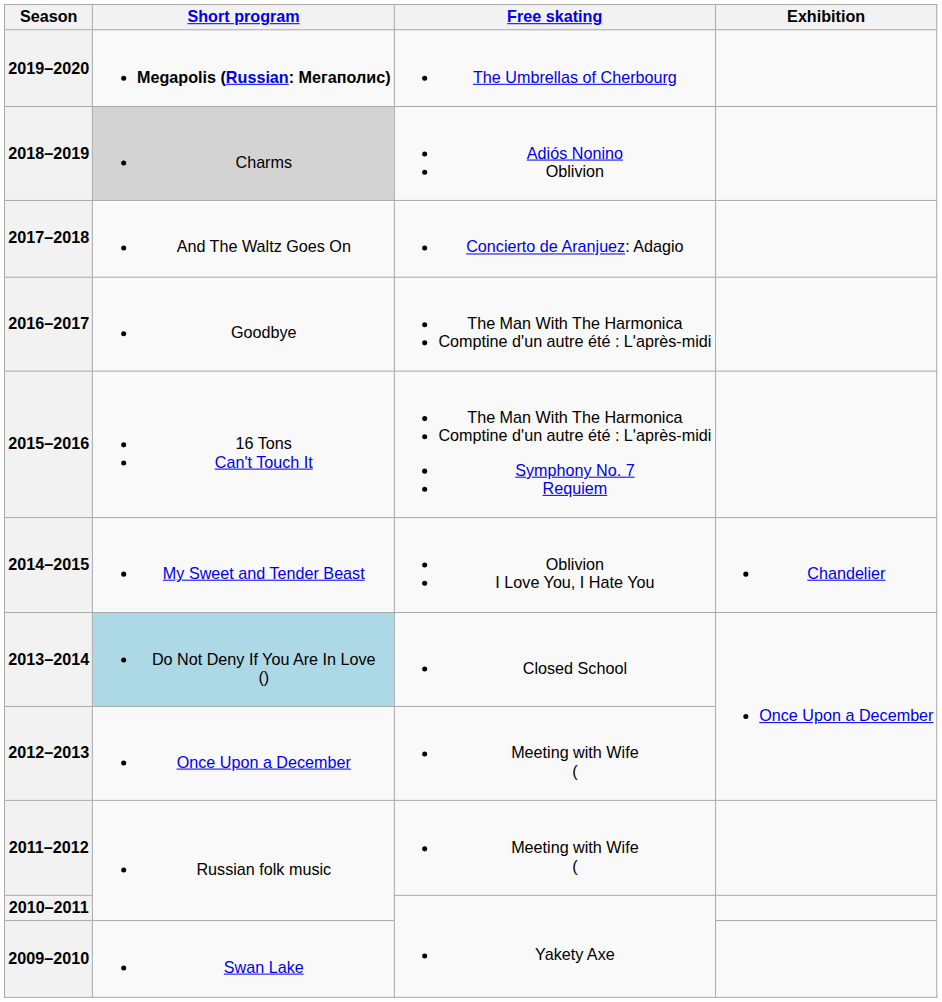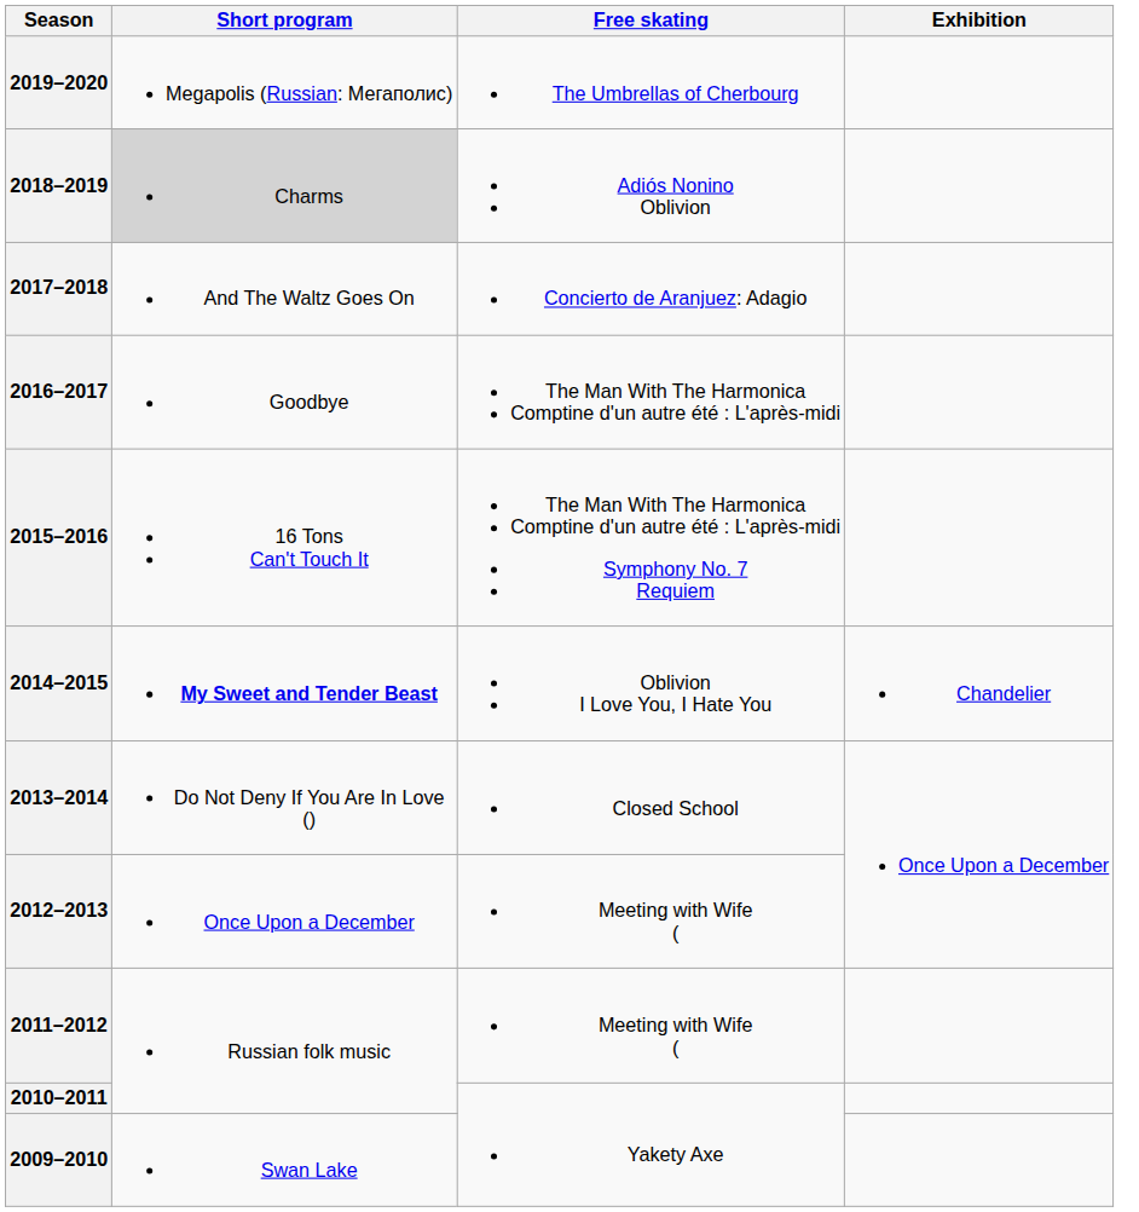 <table class="wikitable" style="text-align:center">
 <tr>
 <th>Season</th>
 <th><a href='#'>Short program</a></th>
 <th><a href='#'>Free skating</a></th>
 <th>Exhibition</th>
 </tr>
 <tr>
 <th>2019–2020 <br> </th>
-<td><strong><br><ul><li>Megapolis (<a href='#'>Russian</a>: Мегаполис) <br> </li></ul></strong></td>
+<td><br><ul><li>Megapolis (<a href='#'>Russian</a>: Мегаполис) <br> </li></ul></td>
 <td><br><ul><li><a href='#'>The Umbrellas of Cherbourg</a> <br> </li></ul></td>
 <td></td>
 </tr>
 <tr>
 <th>2018–2019 <br> </th>
 <td style="background: lightgrey;"><br><ul><li>Charms <br></li></ul></td>
 <td><br><ul><li><a href='#'>Adiós Nonino</a></li><li>Oblivion <br></li></ul></td>
 <td></td>
 </tr>
 <tr>
 <th>2017–2018 <br> </th>
 <td><br><ul><li>And The Waltz Goes On <br></li></ul></td>
 <td><br><ul><li><a href='#'>Concierto de Aranjuez</a>: Adagio <br></li></ul></td>
 <td></td>
 </tr>
 <tr>
 <th>2016–2017 <br> </th>
 <td><br><ul><li>Goodbye <br></li></ul></td>
 <td><br><ul><li>The Man With The Harmonica <br></li><li>Comptine d'un autre été : L'après-midi <br></li></ul></td>
 <td></td>
 </tr>
 <tr>
 <th>2015–2016 <br> </th>
 <td><br><ul><li>16 Tons <br></li><li><a href='#'>Can't Touch It</a> <br></li></ul></td>
 <td><br><ul><li>The Man With The Harmonica <br></li><li>Comptine d'un autre été : L'après-midi <br></li></ul><ul><li><a href='#'>Symphony No. 7</a> <br></li><li><a href='#'>Requiem</a> <br></li></ul></td>
 <td></td>
 </tr>
 <tr>
 <th>2014–2015 <br> </th>
-<td><br><ul><li><a href='#'>My Sweet and Tender Beast</a> <br></li></ul></td>
+<td><strong><br><ul><li><a href='#'>My Sweet and Tender Beast</a> <br></li></ul></strong></td>
 <td><br><ul><li>Oblivion <br></li><li>I Love You, I Hate You <br></li></ul></td>
 <td><br><ul><li><a href='#'>Chandelier</a> <br></li></ul></td>
 </tr>
 <tr>
 <th>2013–2014 <br> </th>
-<td style="background: lightblue;"><br><ul><li>Do Not Deny If You Are In Love <br> () <br></li></ul></td>
+<td><br><ul><li>Do Not Deny If You Are In Love <br> () <br></li></ul></td>
 <td><br><ul><li>Closed School <br></li></ul></td>
 <td rowspan=2><br><ul><li><a href='#'>Once Upon a December</a> <br></li></ul></td>
 </tr>
 <tr>
 <th>2012–2013</th>
 <td><br><ul><li><a href='#'>Once Upon a December</a> <br></li></ul></td>
 <td><br><ul><li>Meeting with Wife <br> ( <br></li></ul></td>
 </tr>
 <tr>
 <th>2011–2012</th>
 <td rowspan=2><br><ul><li>Russian folk music</li></ul></td>
 <td><br><ul><li>Meeting with Wife <br> ( <br></li></ul></td>
 <td></td>
 </tr>
 <tr>
 <th>2010–2011</th>
 <td rowspan=2><br><ul><li>Yakety Axe <br></li></ul></td>
 <td></td>
 </tr>
 <tr>
 <th>2009–2010</th>
 <td><br><ul><li><a href='#'>Swan Lake</a> <br></li></ul></td>
 <td></td>
 </tr>
 </table>
